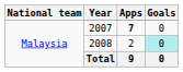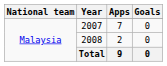 <table class="wikitable" style="text-align: center;">
 <tr>
 <th>National team</th>
 <th>Year</th>
 <th>Apps</th>
 <th>Goals</th>
 </tr>
 <tr>
 <td rowspan="8"><a href='#'>Malaysia</a></td>
 </tr>
 <tr>
 <td>2007</td>
-<td><strong>7</strong></td>
+<td>7</td>
 <td>0</td>
 </tr>
 <tr>
 <td>2008</td>
 <td>2</td>
-<td style="background: paleturquoise;">0</td>
+<td>0</td>
 </tr>
 <tr>
 <th>Total</th>
 <th>9</th>
 <th>0</th>
 </tr>
 </table>
